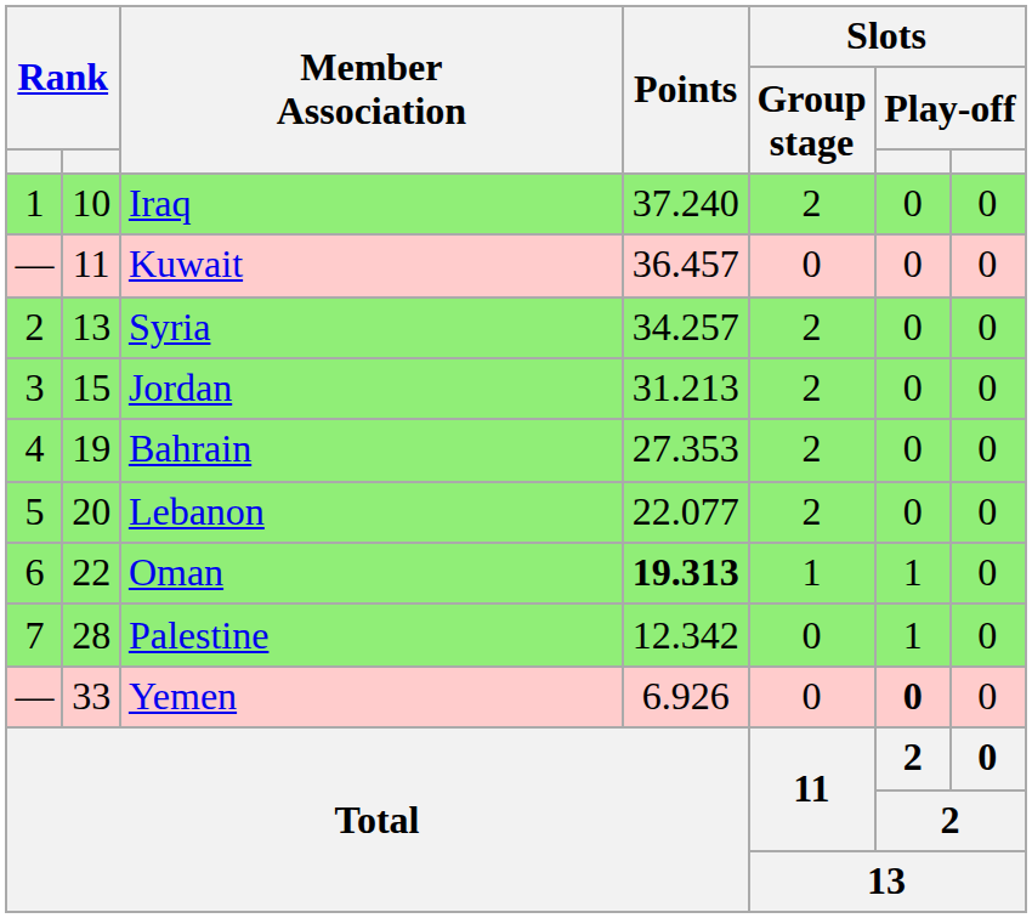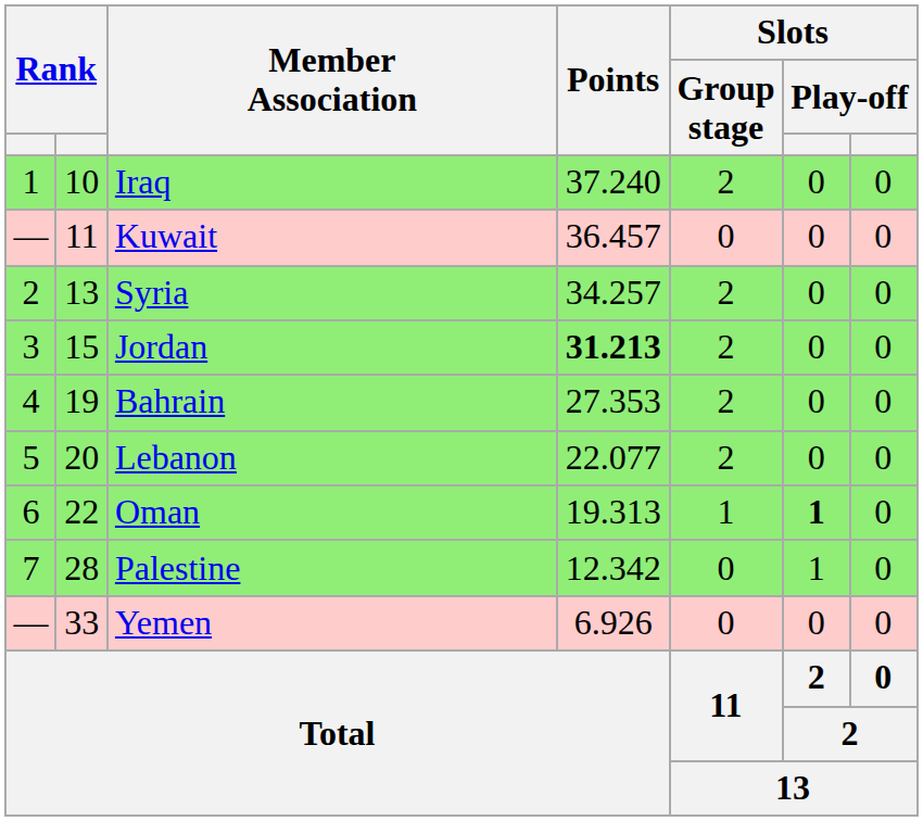 <table class="wikitable" style="text-align:center">
 <tr>
 </tr>
 <tr>
 <th colspan=2 rowspan=2><a href='#'>Rank</a></th>
 <th rowspan=3 width=200>Member<br>Association</th>
 <th rowspan=3>Points</th>
 <th colspan=4>Slots</th>
 </tr>
 <tr>
 <th rowspan=2>Group<br>stage</th>
 <th colspan=2>Play-off</th>
 </tr>
 <tr>
 <th></th>
 <th></th>
 <th></th>
 <th></th>
 </tr>
 <tr bgcolor=#90ee77>
 <td>1</td>
 <td>10</td>
 <td align=left> <a href='#'>Iraq</a></td>
 <td>37.240</td>
 <td>2</td>
 <td>0</td>
 <td>0</td>
 </tr>
 <tr bgcolor=#ffcccc>
 <td>—</td>
 <td>11</td>
 <td align=left> <a href='#'>Kuwait</a></td>
 <td>36.457</td>
 <td>0</td>
 <td>0</td>
 <td>0</td>
 </tr>
 <tr bgcolor=#90ee77>
 <td>2</td>
 <td>13</td>
 <td align=left> <a href='#'>Syria</a></td>
 <td>34.257</td>
 <td>2</td>
 <td>0</td>
 <td>0</td>
 </tr>
 <tr bgcolor=#90ee77>
 <td>3</td>
 <td>15</td>
 <td align=left> <a href='#'>Jordan</a></td>
-<td>31.213</td>
+<td><strong>31.213</strong></td>
 <td>2</td>
 <td>0</td>
 <td>0</td>
 </tr>
 <tr bgcolor=#90ee77>
 <td>4</td>
 <td>19</td>
 <td align=left> <a href='#'>Bahrain</a></td>
 <td>27.353</td>
 <td>2</td>
 <td>0</td>
 <td>0</td>
 </tr>
 <tr bgcolor=#90ee77>
 <td>5</td>
 <td>20</td>
 <td align=left> <a href='#'>Lebanon</a></td>
 <td>22.077</td>
 <td>2</td>
 <td>0</td>
 <td>0</td>
 </tr>
 <tr bgcolor=#90ee77>
 <td>6</td>
 <td>22</td>
 <td align=left> <a href='#'>Oman</a></td>
-<td><strong>19.313</strong></td>
+<td>19.313</td>
 <td>1</td>
-<td>1</td>
+<td><strong>1</strong></td>
 <td>0</td>
 </tr>
 <tr bgcolor=#90ee77>
 <td>7</td>
 <td>28</td>
 <td align=left> <a href='#'>Palestine</a></td>
 <td>12.342</td>
 <td>0</td>
 <td>1</td>
 <td>0</td>
 </tr>
 <tr bgcolor=#ffcccc>
 <td>—</td>
 <td>33</td>
 <td align=left> <a href='#'>Yemen</a></td>
 <td>6.926</td>
 <td>0</td>
-<td><strong>0</strong></td>
+<td>0</td>
 <td>0</td>
 </tr>
 <tr>
 <th colspan=4 rowspan=3>Total</th>
 <th rowspan=2>11</th>
 <th>2</th>
 <th>0</th>
 </tr>
 <tr>
 <th colspan=2>2</th>
 </tr>
 <tr>
 <th colspan=3>13</th>
 </tr>
 </table>
